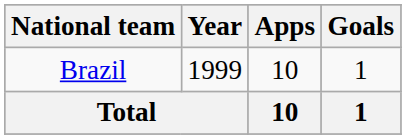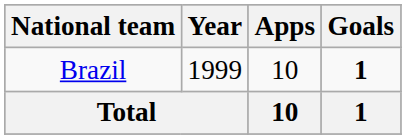 <table class="wikitable" style="text-align:center">
 <tr>
 <th>National team</th>
 <th>Year</th>
 <th>Apps</th>
 <th>Goals</th>
 </tr>
 <tr>
 <td><a href='#'>Brazil</a></td>
 <td>1999</td>
 <td>10</td>
-<td>1</td>
+<td><strong>1</strong></td>
 </tr>
 <tr>
 <th colspan="2">Total</th>
 <th>10</th>
 <th>1</th>
 </tr>
 </table>
